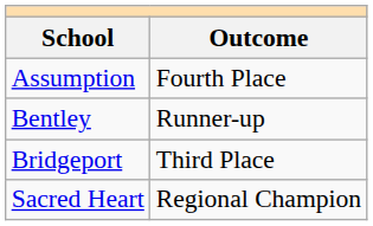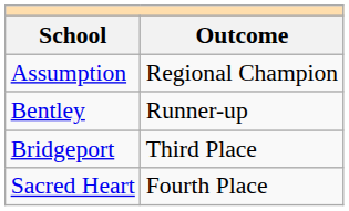 <table class="wikitable">
 <tr>
 <th colspan="3" style="background:#ffdead;"></th>
 </tr>
 <tr>
 <th>School</th>
 <th>Outcome</th>
 </tr>
 <tr>
 <td><a href='#'>Assumption</a></td>
-<td>Fourth Place</td>
+<td>Regional Champion</td>
 </tr>
 <tr>
 <td><a href='#'>Bentley</a></td>
 <td>Runner-up</td>
 </tr>
 <tr>
 <td><a href='#'>Bridgeport</a></td>
 <td>Third Place</td>
 </tr>
 <tr>
 <td><a href='#'>Sacred Heart</a></td>
-<td>Regional Champion</td>
+<td>Fourth Place</td>
 </tr>
 </table>
